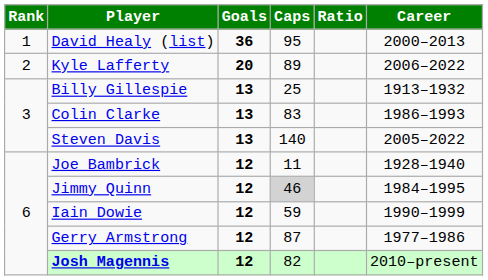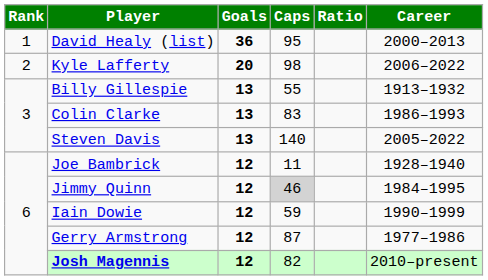 <table class="wikitable sortable" style="text-align:center;">
 <tr>
 <th style="background-color:#008000; color:white; ">Rank</th>
 <th style="background-color:#008000; color:white; ">Player</th>
 <th style="background-color:#008000; color:white; ">Goals</th>
 <th style="background-color:#008000; color:white; ">Caps</th>
 <th style="background-color:#008000; color:white; ">Ratio</th>
 <th style="background-color:#008000; color:white; ">Career</th>
 </tr>
 <tr>
 <td>1</td>
 <td style="text-align:left;"><a href='#'>David Healy</a> (<a href='#'>list</a>)</td>
 <td><strong>36</strong></td>
 <td>95</td>
 <td></td>
 <td>2000–2013</td>
 </tr>
 <tr>
 <td>2</td>
 <td style="text-align:left;"><a href='#'>Kyle Lafferty</a></td>
 <td><strong>20</strong></td>
-<td>89</td>
+<td>98</td>
 <td></td>
 <td>2006–2022</td>
 </tr>
 <tr>
 <td rowspan="3">3</td>
 <td style="text-align:left;"><a href='#'>Billy Gillespie</a></td>
 <td><strong>13</strong></td>
-<td>25</td>
+<td>55</td>
 <td></td>
 <td>1913–1932</td>
 </tr>
 <tr>
 <td style="text-align:left;"><a href='#'>Colin Clarke</a></td>
 <td><strong>13</strong></td>
 <td>83</td>
 <td></td>
 <td>1986–1993</td>
 </tr>
 <tr>
 <td style="text-align:left;"><a href='#'>Steven Davis</a></td>
 <td><strong>13</strong></td>
 <td>140</td>
 <td></td>
 <td>2005–2022</td>
 </tr>
 <tr>
 <td rowspan="5">6</td>
 <td style="text-align:left;"><a href='#'>Joe Bambrick</a></td>
 <td><strong>12</strong></td>
 <td>11</td>
 <td></td>
 <td>1928–1940</td>
 </tr>
 <tr>
 <td style="text-align:left;"><a href='#'>Jimmy Quinn</a></td>
 <td><strong>12</strong></td>
 <td style="background: lightgrey;">46</td>
 <td></td>
 <td>1984–1995</td>
 </tr>
 <tr>
 <td style="text-align:left;"><a href='#'>Iain Dowie</a></td>
 <td><strong>12</strong></td>
 <td>59</td>
 <td></td>
 <td>1990–1999</td>
 </tr>
 <tr>
 <td style="text-align:left;"><a href='#'>Gerry Armstrong</a></td>
 <td><strong>12</strong></td>
 <td>87</td>
 <td></td>
 <td>1977–1986</td>
 </tr>
 <tr bgcolor=#CFC>
 <td style="text-align:left;"><strong><a href='#'>Josh Magennis</a></strong></td>
 <td><strong>12</strong></td>
 <td>82</td>
 <td></td>
 <td>2010–present</td>
 </tr>
 </table>
